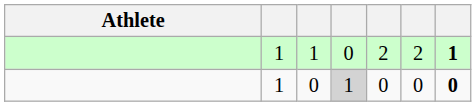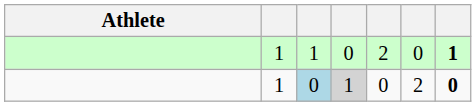 <table class=wikitable style="text-align:center">
 <tr>
 <th width=195>Athlete</th>
 <th width=20></th>
 <th width=20></th>
 <th width=20></th>
 <th width=20></th>
 <th width=20></th>
 <th width=20></th>
 </tr>
 <tr bgcolor=ccffcc>
 <td style="text-align:left"></td>
 <td>1</td>
 <td>1</td>
 <td>0</td>
 <td>2</td>
-<td>2</td>
+<td>0</td>
 <td><strong>1</strong></td>
 </tr>
 <tr>
 <td style="text-align:left"></td>
 <td>1</td>
-<td>0</td>
+<td style="background: lightblue;">0</td>
 <td style="background: lightgrey;">1</td>
 <td>0</td>
-<td>0</td>
+<td>2</td>
 <td><strong>0</strong></td>
 </tr>
 </table>
